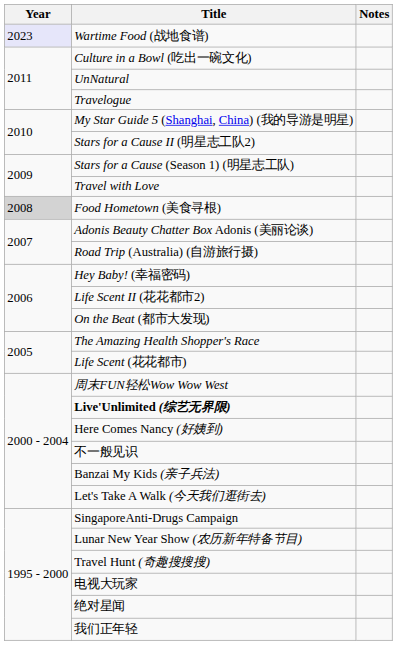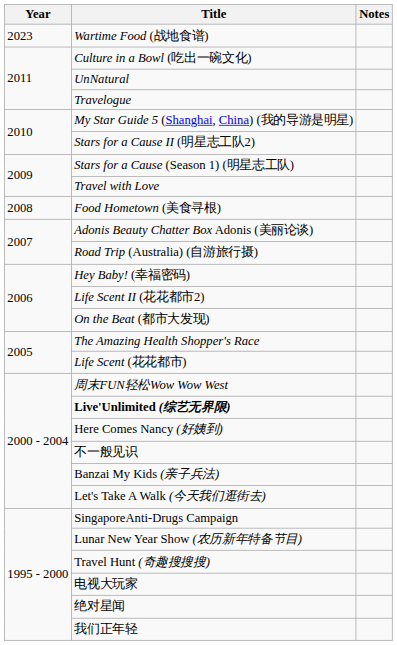 <table class="wikitable sortable">
 <tr>
 <th>Year</th>
 <th>Title</th>
 <th class="unsortable">Notes</th>
 </tr>
 <tr>
-<td rowspan="1" style="background: lavender;">2023</td>
+<td rowspan="1">2023</td>
 <td><em>Wartime Food</em> (战地食谱)</td>
 <td></td>
 </tr>
 <tr>
 <td rowspan="3">2011</td>
 <td><em>Culture in a Bowl</em> (吃出一碗文化)</td>
 <td></td>
 </tr>
 <tr>
 <td><em>UnNatural</em></td>
 <td></td>
 </tr>
 <tr>
 <td><em>Travelogue</em></td>
 <td></td>
 </tr>
 <tr>
 <td rowspan="2">2010</td>
 <td><em>My Star Guide 5</em> (<a href='#'>Shanghai</a>, <a href='#'>China</a>) (我的导游是明星)</td>
 <td></td>
 </tr>
 <tr>
 <td><em>Stars for a Cause II</em> (明星志工队2)</td>
 <td></td>
 </tr>
 <tr>
 <td rowspan="2">2009</td>
 <td><em>Stars for a Cause</em> (Season 1) (明星志工队)</td>
 <td></td>
 </tr>
 <tr>
 <td><em>Travel with Love</em></td>
 <td></td>
 </tr>
 <tr>
-<td style="background: lightgrey;">2008</td>
+<td>2008</td>
 <td><em>Food Hometown</em> (美食寻根)</td>
 <td></td>
 </tr>
 <tr>
 <td rowspan="2">2007</td>
 <td><em>Adonis Beauty Chatter Box</em> Adonis (美丽论谈)</td>
 <td></td>
 </tr>
 <tr>
 <td><em>Road Trip</em> (Australia) (自游旅行摄)</td>
 <td></td>
 </tr>
 <tr>
 <td rowspan="3">2006</td>
 <td><em>Hey Baby!</em> (幸福密码)</td>
 <td></td>
 </tr>
 <tr>
 <td><em>Life Scent II</em> (花花都市2)</td>
 <td></td>
 </tr>
 <tr>
 <td><em>On the Beat</em> (都市大发现)</td>
 <td></td>
 </tr>
 <tr>
 <td rowspan="2">2005</td>
 <td><em>The Amazing Health Shopper's Race</em></td>
 <td></td>
 </tr>
 <tr>
 <td><em>Life Scent</em> (花花都市)</td>
 <td></td>
 </tr>
 <tr>
 <td rowspan="6">2000 - 2004</td>
 <td><em>周末FUN轻松Wow Wow West</em></td>
 <td></td>
 </tr>
 <tr>
 <td><strong>Live'Unlimited<em> (综艺无界限)</td>
 <td></td>
 </tr>
 <tr>
 <td></em>Here Comes Nancy<em> (好姨到)</td>
 <td></td>
 </tr>
 <tr>
 <td>不一般见识</td>
 <td></td>
 </tr>
 <tr>
 <td></em>Banzai My Kids<em> (亲子兵法)</td>
 <td></td>
 </tr>
 <tr>
 <td></em>Let's Take A Walk<em> (今天我们逛街去)</td>
 <td></td>
 </tr>
 <tr>
 <td rowspan="6">1995 - 2000</td>
 <td></em>SingaporeAnti-Drugs Campaign<em></td>
 <td></td>
 </tr>
 <tr>
 <td></em>Lunar New Year Show<em> (农历新年特备节目)</td>
 <td></td>
 </tr>
 <tr>
 <td></em>Travel Hunt<em> (奇趣搜搜搜)</td>
 <td></td>
 </tr>
 <tr>
 <td>电视大玩家</td>
 <td></td>
 </tr>
 <tr>
 <td>绝对星闻</td>
 <td></td>
 </tr>
 <tr>
 <td>我们正年轻</td>
 <td></td>
 </tr>
 </table>
